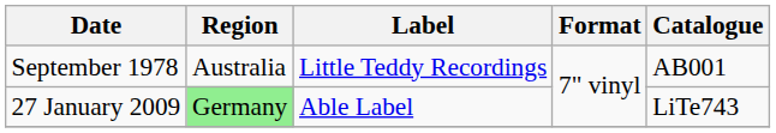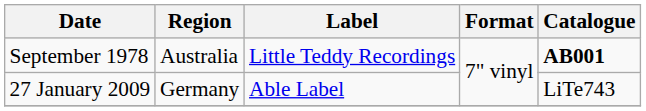 <table class="wikitable">
 <tr>
 <th>Date</th>
 <th>Region</th>
 <th>Label</th>
 <th>Format</th>
 <th>Catalogue</th>
 </tr>
 <tr>
 <td>September 1978</td>
 <td>Australia</td>
 <td><a href='#'>Little Teddy Recordings</a></td>
 <td rowspan="2">7" vinyl</td>
-<td>AB001</td>
+<td><strong>AB001</strong></td>
 </tr>
 <tr>
 <td>27 January 2009</td>
-<td style="background: lightgreen;">Germany</td>
+<td>Germany</td>
 <td><a href='#'>Able Label</a></td>
 <td>LiTe743</td>
 </tr>
 <tr>
 </tr>
 </table>
